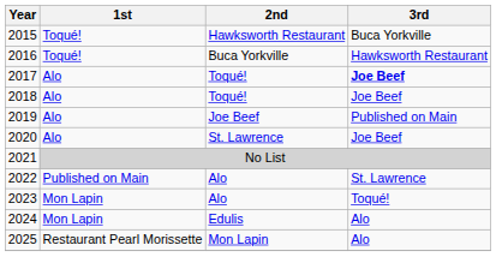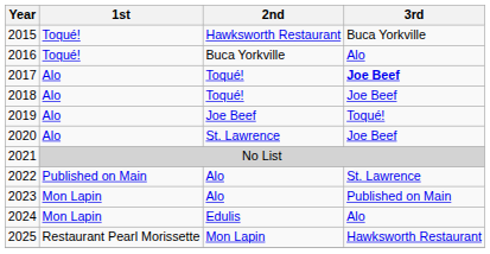 <table class="wikitable">
 <tr>
 <th>Year</th>
 <th>1st</th>
 <th>2nd</th>
 <th>3rd</th>
 </tr>
 <tr>
 <td>2015</td>
 <td> <a href='#'>Toqué!</a></td>
 <td> <a href='#'>Hawksworth Restaurant</a></td>
 <td> Buca Yorkville</td>
 </tr>
 <tr>
 <td>2016</td>
 <td> <a href='#'>Toqué!</a></td>
 <td> Buca Yorkville</td>
-<td> <a href='#'>Hawksworth Restaurant</a></td>
+<td> <a href='#'>Alo</a></td>
 </tr>
 <tr>
 <td>2017</td>
 <td> <a href='#'>Alo</a></td>
 <td> <a href='#'>Toqué!</a></td>
 <td><strong> <a href='#'>Joe Beef</a></strong></td>
 </tr>
 <tr>
 <td>2018</td>
 <td> <a href='#'>Alo</a></td>
 <td> <a href='#'>Toqué!</a></td>
 <td> <a href='#'>Joe Beef</a></td>
 </tr>
 <tr>
 <td>2019</td>
 <td> <a href='#'>Alo</a></td>
 <td> <a href='#'>Joe Beef</a></td>
-<td> <a href='#'>Published on Main</a></td>
+<td> <a href='#'>Toqué!</a></td>
 </tr>
 <tr>
 <td>2020</td>
 <td> <a href='#'>Alo</a></td>
 <td> <a href='#'>St. Lawrence</a></td>
 <td> <a href='#'>Joe Beef</a></td>
 </tr>
 <tr>
 <td>2021</td>
 <td colspan="3" style="text-align: center;background: lightgray;">No List</td>
 </tr>
 <tr>
 <td>2022</td>
 <td> <a href='#'>Published on Main</a></td>
 <td> <a href='#'>Alo</a></td>
 <td> <a href='#'>St. Lawrence</a></td>
 </tr>
 <tr>
 <td>2023</td>
 <td> <a href='#'>Mon Lapin</a></td>
 <td> <a href='#'>Alo</a></td>
-<td> <a href='#'>Toqué!</a></td>
+<td> <a href='#'>Published on Main</a></td>
 </tr>
 <tr>
 <td>2024</td>
 <td> <a href='#'>Mon Lapin</a></td>
 <td> <a href='#'>Edulis</a></td>
 <td> <a href='#'>Alo</a></td>
 </tr>
 <tr>
 <td>2025</td>
 <td> Restaurant Pearl Morissette</td>
 <td> <a href='#'>Mon Lapin</a></td>
-<td> <a href='#'>Alo</a></td>
+<td> <a href='#'>Hawksworth Restaurant</a></td>
 </tr>
 <tr>
 </tr>
 </table>
